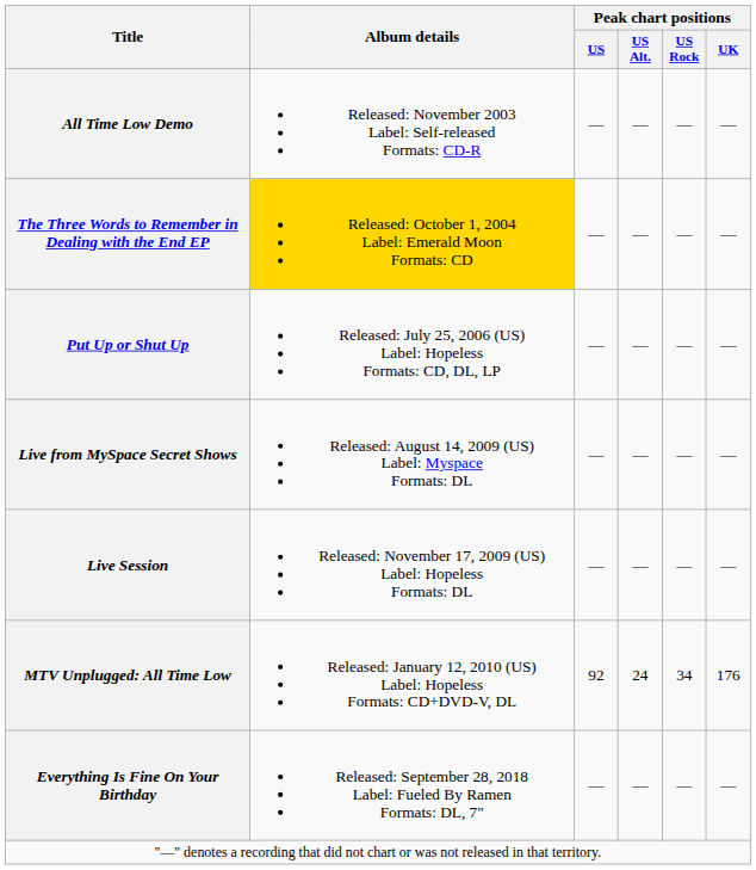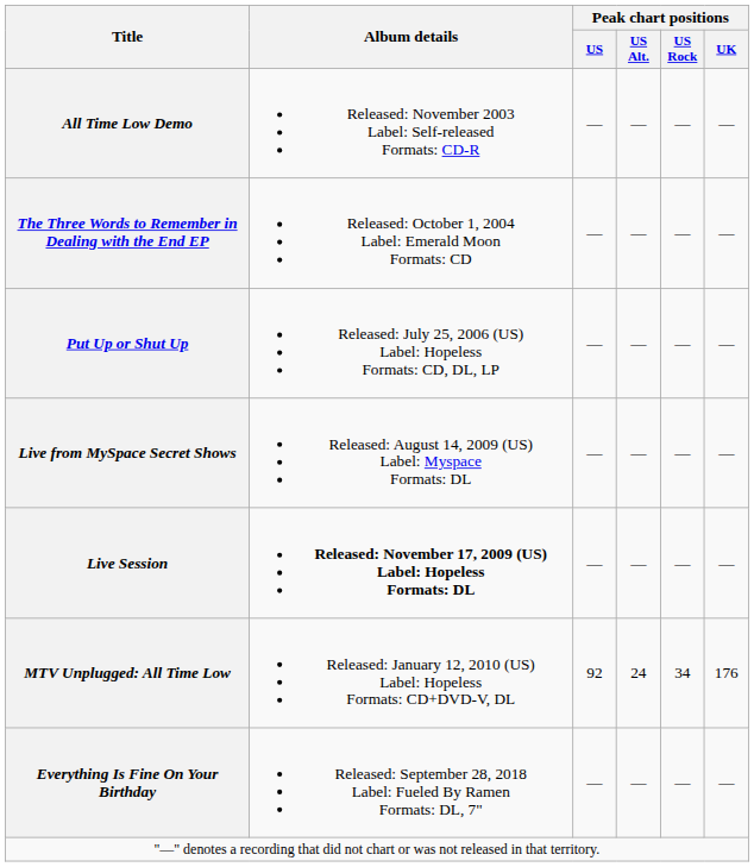 <table class="wikitable plainrowheaders" style="text-align:center;">
 <tr>
 <th scope="col" rowspan="2" style="width:15em;">Title</th>
 <th scope="col" rowspan="2" style="width:20em;">Album details</th>
 <th scope="col" colspan="4">Peak chart positions</th>
 </tr>
 <tr>
 <th scope="col" style="width:2.8em;font-size:85%;"><a href='#'>US</a><br></th>
 <th scope="col" style="width:2.8em;font-size:85%;"><a href='#'>US<br>Alt.</a><br></th>
 <th scope="col" style="width:2.8em;font-size:85%;"><a href='#'>US<br>Rock</a><br></th>
 <th scope="col" style="width:2.8em;font-size:85%;"><a href='#'>UK</a><br></th>
 </tr>
 <tr>
 <th scope="row"><em>All Time Low Demo</em></th>
 <td><br><ul><li>Released: November 2003</li><li>Label: Self-released</li><li>Formats: <a href='#'>CD-R</a></li></ul></td>
 <td>—</td>
 <td>—</td>
 <td>—</td>
 <td>—</td>
 </tr>
 <tr>
 <th scope="row"><em><a href='#'>The Three Words to Remember in Dealing with the End EP</a></em></th>
-<td style="background: gold;"><br><ul><li>Released: October 1, 2004</li><li>Label: Emerald Moon</li><li>Formats: CD</li></ul></td>
+<td><br><ul><li>Released: October 1, 2004</li><li>Label: Emerald Moon</li><li>Formats: CD</li></ul></td>
 <td>—</td>
 <td>—</td>
 <td>—</td>
 <td>—</td>
 </tr>
 <tr>
 <th scope="row"><em><a href='#'>Put Up or Shut Up</a></em></th>
 <td><br><ul><li>Released: July 25, 2006 <span>(US)</span></li><li>Label: Hopeless</li><li>Formats: CD, DL, LP</li></ul></td>
 <td>—</td>
 <td>—</td>
 <td>—</td>
 <td>—</td>
 </tr>
 <tr>
 <th scope="row"><em>Live from MySpace Secret Shows</em></th>
 <td><br><ul><li>Released: August 14, 2009 <span>(US)</span></li><li>Label: <a href='#'>Myspace</a></li><li>Formats: DL</li></ul></td>
 <td>—</td>
 <td>—</td>
 <td>—</td>
 <td>—</td>
 </tr>
 <tr>
 <th scope="row"><em>Live Session</em></th>
-<td><br><ul><li>Released: November 17, 2009 <span>(US)</span></li><li>Label: Hopeless</li><li>Formats: DL</li></ul></td>
+<td><strong><br><ul><li>Released: November 17, 2009 <span>(US)</span></li><li>Label: Hopeless</li><li>Formats: DL</li></ul></strong></td>
 <td>—</td>
 <td>—</td>
 <td>—</td>
 <td>—</td>
 </tr>
 <tr>
 <th scope="row"><em>MTV Unplugged: All Time Low</em></th>
 <td><br><ul><li>Released: January 12, 2010 <span>(US)</span></li><li>Label: Hopeless</li><li>Formats: CD+DVD-V, DL</li></ul></td>
 <td>92</td>
 <td>24</td>
 <td>34</td>
 <td>176</td>
 </tr>
 <tr>
 <th scope="row"><em>Everything Is Fine On Your Birthday</em></th>
 <td><br><ul><li>Released: September 28, 2018</li><li>Label: Fueled By Ramen</li><li>Formats: DL, 7"</li></ul></td>
 <td>—</td>
 <td>—</td>
 <td>—</td>
 <td>—</td>
 </tr>
 <tr>
 <td colspan="8" style="font-size:90%">"—" denotes a recording that did not chart or was not released in that territory.</td>
 </tr>
 </table>
